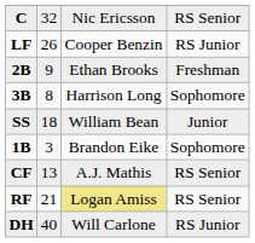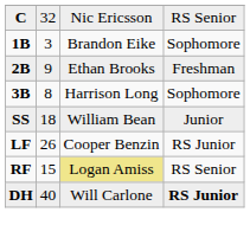 <table class="wikitable non-sortable">
 <tr>
 </tr>
 <tr style="background:#eeeeee;text-align:center;">
 <td><strong>C</strong></td>
 <td>32</td>
 <td>Nic Ericsson</td>
 <td>RS Senior</td>
 </tr>
 <tr style="text-align:center;">
-<td><strong>LF</strong></td>
-<td>26</td>
-<td>Cooper Benzin</td>
-<td>RS Junior</td>
+<td><strong>1B</strong></td>
+<td>3</td>
+<td>Brandon Eike</td>
+<td>Sophomore</td>
 </tr>
 <tr style="background:#eeeeee;text-align:center;">
 <td><strong>2B</strong></td>
 <td>9</td>
 <td>Ethan Brooks</td>
 <td>Freshman</td>
 </tr>
 <tr style="text-align:center;">
 <td><strong>3B</strong></td>
 <td>8</td>
 <td>Harrison Long</td>
 <td>Sophomore</td>
 </tr>
 <tr style="background:#eeeeee;text-align:center;">
 <td><strong>SS</strong></td>
 <td>18</td>
 <td>William Bean</td>
 <td>Junior</td>
 </tr>
 <tr style="text-align:center;">
-<td><strong>1B</strong></td>
-<td>3</td>
-<td>Brandon Eike</td>
-<td>Sophomore</td>
-</tr>
-<tr style="background:#eeeeee;text-align:center;">
-<td><strong>CF</strong></td>
-<td>13</td>
-<td>A.J. Mathis</td>
-<td>RS Senior</td>
+<td><strong>LF</strong></td>
+<td>26</td>
+<td>Cooper Benzin</td>
+<td>RS Junior</td>
 </tr>
 <tr style="text-align:center;">
 <td><strong>RF</strong></td>
-<td>21</td>
+<td>15</td>
 <td style="background: khaki;">Logan Amiss</td>
 <td>RS Senior</td>
 </tr>
 <tr style="background:#eeeeee;text-align:center;">
 <td><strong>DH</strong></td>
 <td>40</td>
 <td>Will Carlone</td>
-<td>RS Junior</td>
+<td><strong>RS Junior</strong></td>
 </tr>
 </table>
